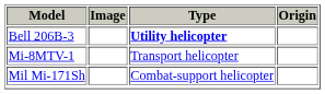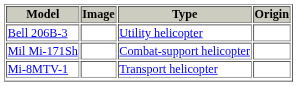 <table border=1 style="border-collapse:">
 <tr bgcolor=ccccc>
 <th>Model</th>
 <th>Image</th>
 <th>Type</th>
 <th>Origin</th>
 </tr>
 <tr>
 <td><a href='#'>Bell 206B-3</a></td>
 <td></td>
-<td><strong><a href='#'>Utility helicopter</a></strong></td>
+<td><a href='#'>Utility helicopter</a></td>
+<td></td>
+</tr>
+<tr>
+<td><a href='#'>Mil Mi-171Sh</a></td>
+<td></td>
+<td><a href='#'>Combat-support helicopter</a></td>
 <td></td>
 </tr>
 <tr>
 <td><a href='#'>Mi-8MTV-1</a></td>
 <td></td>
 <td><a href='#'>Transport helicopter</a></td>
 <td></td>
 </tr>
 <tr>
-<td><a href='#'>Mil Mi-171Sh</a></td>
-<td></td>
-<td><a href='#'>Combat-support helicopter</a></td>
-<td></td>
-</tr>
-<tr>
 </tr>
 </table>
